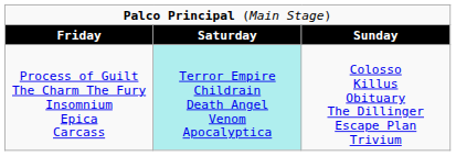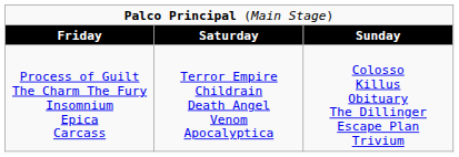 <table class="wikitable">
 <tr>
 <td colspan=3 align="center"><strong>Palco Principal</strong> (<em>Main Stage</em>)</td>
 </tr>
 <tr>
 <th width=150px style="background:black; color:white">Friday</th>
 <th width=150px style="background:black; color:white">Saturday</th>
 <th width=150px style="background:black; color:white">Sunday</th>
 </tr>
 <tr>
 <td style="text-align: center;"><br><a href='#'>Process of Guilt</a><br> <a href='#'>The Charm The Fury</a><br> <a href='#'>Insomnium</a><br> <a href='#'>Epica</a><br> <a href='#'>Carcass</a></td>
-<td style="background: paleturquoise; text-align: center;"><br><a href='#'>Terror Empire</a><br> <a href='#'>Childrain</a><br> <a href='#'>Death Angel</a><br> <a href='#'>Venom</a><br> <a href='#'>Apocalyptica</a></td>
+<td style="text-align: center;"><br><a href='#'>Terror Empire</a><br> <a href='#'>Childrain</a><br> <a href='#'>Death Angel</a><br> <a href='#'>Venom</a><br> <a href='#'>Apocalyptica</a></td>
 <td style="text-align: center;"><br><a href='#'>Colosso</a><br> <a href='#'>Killus</a><br> <a href='#'>Obituary</a><br> <a href='#'>The Dillinger Escape Plan</a><br> <a href='#'>Trivium</a></td>
 </tr>
 </table>
